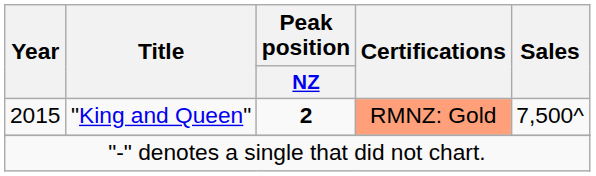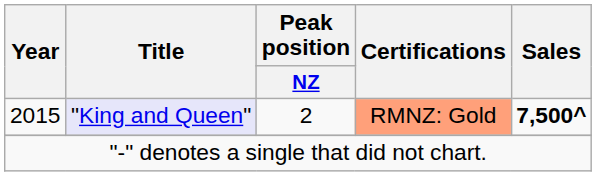 <table class="wikitable plainrowheaders" style="text-align:center;">
 <tr>
 <th scope="col" rowspan="2">Year</th>
 <th scope="col" rowspan="2">Title</th>
 <th scope="col">Peak position</th>
 <th scope="col" rowspan="2">Certifications</th>
 <th scope="col" rowspan="2">Sales</th>
 </tr>
 <tr>
 <th scope="col" style="width:3em;font-size:90%;"><a href='#'>NZ</a><br></th>
 </tr>
 <tr>
 <td>2015</td>
-<td>"<a href='#'>King and Queen</a>"</td>
-<td><strong>2</strong></td>
+<td style="background: lavender;">"<a href='#'>King and Queen</a>"</td>
+<td>2</td>
 <td style="background: lightsalmon;">RMNZ: Gold</td>
-<td>7,500^</td>
+<td><strong>7,500^</strong></td>
 </tr>
 <tr>
 </tr>
 <tr>
 <td colspan="6" style="text-align:center;">"-" denotes a single that did not chart.</td>
 </tr>
 </table>
